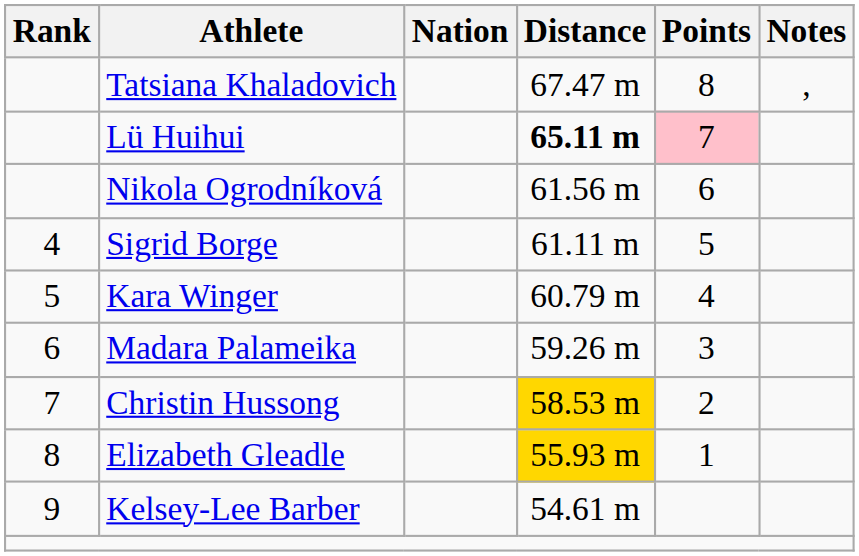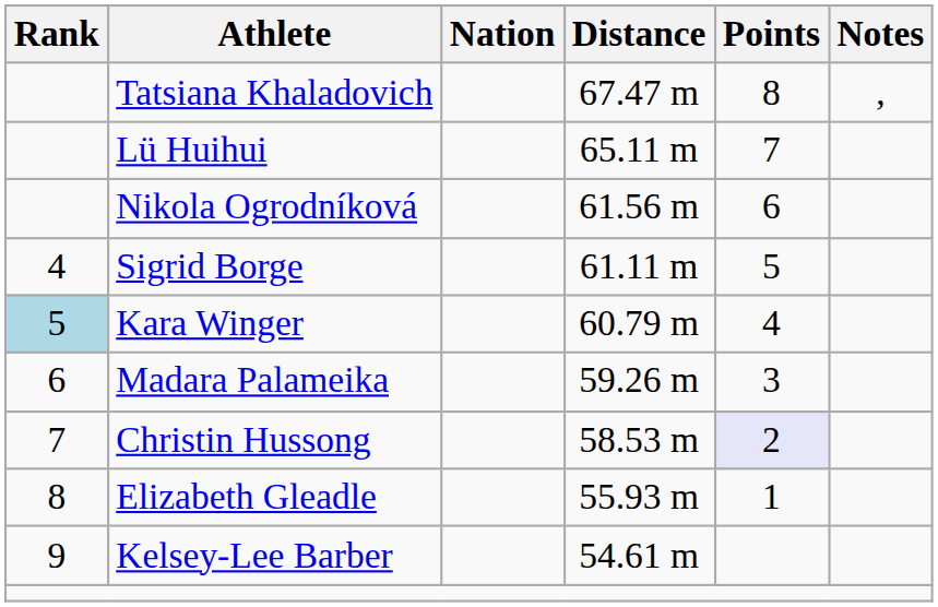 <table class="wikitable sortable" style="text-align:center;">
 <tr>
 <th scope="col" style="width: 10px;">Rank</th>
 <th scope="col">Athlete</th>
 <th scope="col">Nation</th>
 <th scope="col">Distance</th>
 <th scope="col">Points</th>
 <th scope="col">Notes</th>
 </tr>
 <tr>
 <td></td>
 <td align=left><a href='#'>Tatsiana Khaladovich</a></td>
 <td align=left></td>
 <td>67.47 m</td>
 <td>8</td>
 <td><strong></strong>, </td>
 </tr>
 <tr>
 <td></td>
 <td align=left><a href='#'>Lü Huihui</a></td>
 <td align=left></td>
-<td><strong>65.11 m</strong></td>
-<td style="background: pink;">7</td>
+<td>65.11 m</td>
+<td>7</td>
 <td></td>
 </tr>
 <tr>
 <td></td>
 <td align=left><a href='#'>Nikola Ogrodníková</a></td>
 <td align=left></td>
 <td>61.56 m</td>
 <td>6</td>
 <td></td>
 </tr>
 <tr>
 <td>4</td>
 <td align=left><a href='#'>Sigrid Borge</a></td>
 <td align=left></td>
 <td>61.11 m</td>
 <td>5</td>
 <td></td>
 </tr>
 <tr>
-<td>5</td>
+<td style="background: lightblue;">5</td>
 <td align=left><a href='#'>Kara Winger</a></td>
 <td align=left></td>
 <td>60.79 m</td>
 <td>4</td>
 <td></td>
 </tr>
 <tr>
 <td>6</td>
 <td align=left><a href='#'>Madara Palameika</a></td>
 <td align=left></td>
 <td>59.26 m</td>
 <td>3</td>
 <td></td>
 </tr>
 <tr>
 <td>7</td>
 <td align=left><a href='#'>Christin Hussong</a></td>
 <td align=left></td>
-<td style="background: gold;">58.53 m</td>
-<td>2</td>
+<td>58.53 m</td>
+<td style="background: lavender;">2</td>
 <td></td>
 </tr>
 <tr>
 <td>8</td>
 <td align=left><a href='#'>Elizabeth Gleadle</a></td>
 <td align=left></td>
-<td style="background: gold;">55.93 m</td>
+<td>55.93 m</td>
 <td>1</td>
 <td></td>
 </tr>
 <tr>
 <td>9</td>
 <td align=left><a href='#'>Kelsey-Lee Barber</a></td>
 <td align=left></td>
 <td>54.61 m</td>
 <td></td>
 <td></td>
 </tr>
 <tr class="sortbottom">
 <td colspan="6"></td>
 </tr>
 </table>
